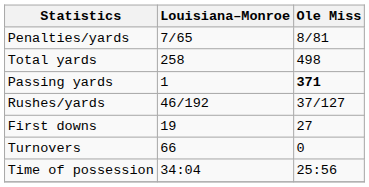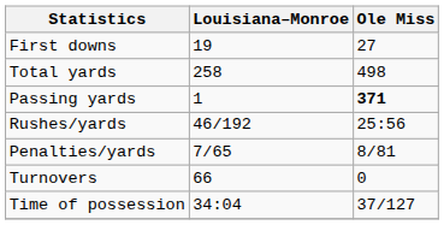 <table class="wikitable" style="float: left;">
 <tr>
 <th>Statistics</th>
 <th>Louisiana–Monroe</th>
 <th>Ole Miss</th>
 </tr>
 <tr>
-<td>Penalties/yards</td>
-<td>7/65</td>
-<td>8/81</td>
+<td>First downs</td>
+<td>19</td>
+<td>27</td>
 </tr>
 <tr>
 <td>Total yards</td>
 <td>258</td>
 <td>498</td>
 </tr>
 <tr>
 <td>Passing yards</td>
 <td>1</td>
 <td><strong>371</strong></td>
 </tr>
 <tr>
 <td>Rushes/yards</td>
 <td>46/192</td>
-<td>37/127</td>
+<td>25:56</td>
 </tr>
 <tr>
-<td>First downs</td>
-<td>19</td>
-<td>27</td>
+<td>Penalties/yards</td>
+<td>7/65</td>
+<td>8/81</td>
 </tr>
 <tr>
 <td>Turnovers</td>
 <td>66</td>
 <td>0</td>
 </tr>
 <tr>
 <td>Time of possession</td>
 <td>34:04</td>
-<td>25:56</td>
+<td>37/127</td>
 </tr>
 <tr>
 </tr>
 </table>
